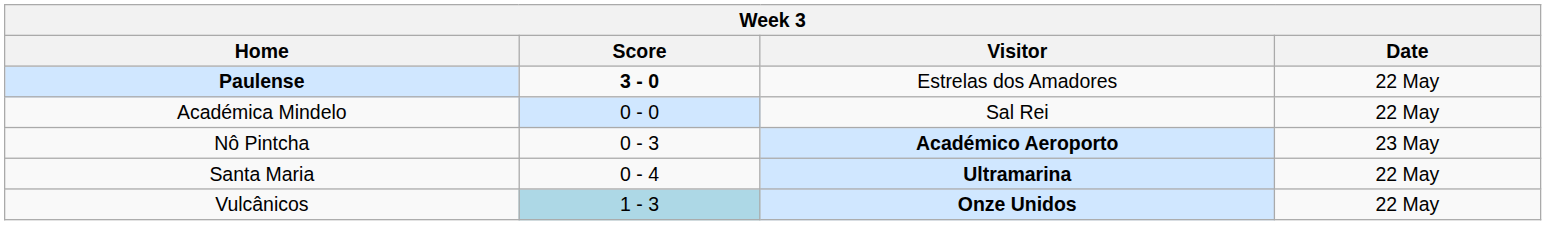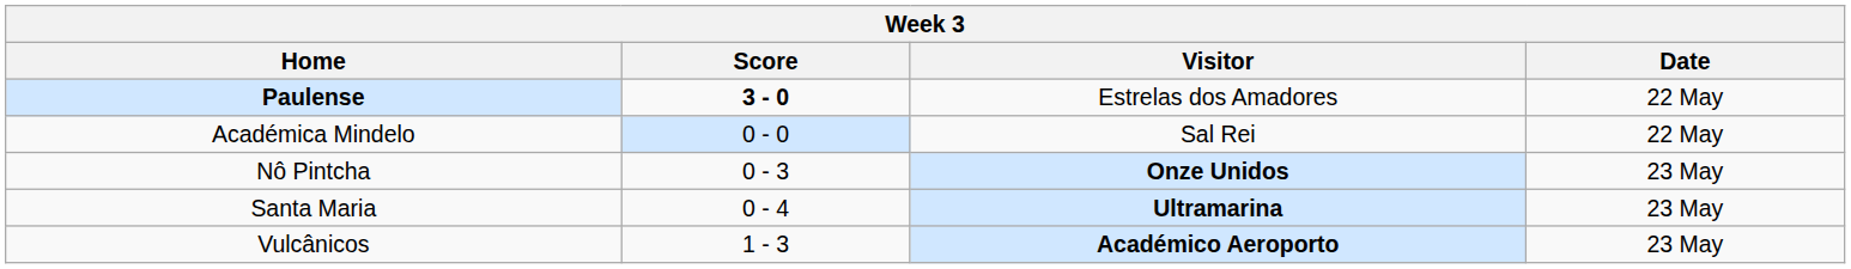 <table class="wikitable" style="font-size:95%; text-align: center; width: 95%;">
 <tr>
 <th colspan="12" style="with: 100%;" align=center>Week 3</th>
 </tr>
 <tr>
 <th width="200">Home</th>
 <th width="90">Score</th>
 <th width="200">Visitor</th>
 <th width="100">Date</th>
 </tr>
 <tr align=center>
 <td bgcolor=#D0E7FF><strong>Paulense</strong></td>
 <td><strong>3 - 0</strong></td>
 <td>Estrelas dos Amadores</td>
 <td>22 May</td>
 </tr>
 <tr align=center>
 <td>Académica Mindelo</td>
 <td bgcolor=#D0E7FF>0 - 0</td>
 <td>Sal Rei</td>
 <td>22 May</td>
 </tr>
 <tr align=center>
 <td>Nô Pintcha</td>
 <td>0 - 3</td>
-<td bgcolor=#D0E7FF><strong>Académico Aeroporto</strong></td>
+<td bgcolor=#D0E7FF><strong>Onze Unidos</strong></td>
 <td>23 May</td>
 </tr>
 <tr align=center>
 <td>Santa Maria</td>
 <td>0 - 4</td>
 <td bgcolor=#D0E7FF><strong>Ultramarina</strong></td>
-<td>22 May</td>
+<td>23 May</td>
 </tr>
 <tr align=center>
 <td>Vulcânicos</td>
-<td style="background: lightblue;">1 - 3</td>
-<td bgcolor=#D0E7FF><strong>Onze Unidos</strong></td>
-<td>22 May</td>
+<td>1 - 3</td>
+<td bgcolor=#D0E7FF><strong>Académico Aeroporto</strong></td>
+<td>23 May</td>
 </tr>
 </table>
